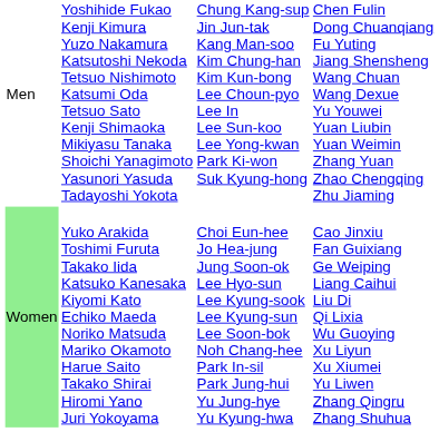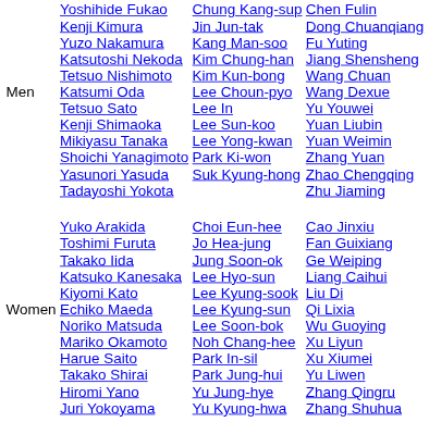 <table>
 <tr>
 <td>Men<br></td>
 <td><br><a href='#'>Yoshihide Fukao</a><br><a href='#'>Kenji Kimura</a><br><a href='#'>Yuzo Nakamura</a><br><a href='#'>Katsutoshi Nekoda</a><br><a href='#'>Tetsuo Nishimoto</a><br><a href='#'>Katsumi Oda</a><br><a href='#'>Tetsuo Sato</a><br><a href='#'>Kenji Shimaoka</a><br><a href='#'>Mikiyasu Tanaka</a><br><a href='#'>Shoichi Yanagimoto</a><br><a href='#'>Yasunori Yasuda</a><br><a href='#'>Tadayoshi Yokota</a></td>
 <td valign=top><br><a href='#'>Chung Kang-sup</a><br><a href='#'>Jin Jun-tak</a><br><a href='#'>Kang Man-soo</a><br><a href='#'>Kim Chung-han</a><br><a href='#'>Kim Kun-bong</a><br><a href='#'>Lee Choun-pyo</a><br><a href='#'>Lee In</a><br><a href='#'>Lee Sun-koo</a><br><a href='#'>Lee Yong-kwan</a><br><a href='#'>Park Ki-won</a><br><a href='#'>Suk Kyung-hong</a></td>
 <td><br><a href='#'>Chen Fulin</a><br><a href='#'>Dong Chuanqiang</a><br><a href='#'>Fu Yuting</a><br><a href='#'>Jiang Shensheng</a><br><a href='#'>Wang Chuan</a><br><a href='#'>Wang Dexue</a><br><a href='#'>Yu Youwei</a><br><a href='#'>Yuan Liubin</a><br><a href='#'>Yuan Weimin</a><br><a href='#'>Zhang Yuan</a><br><a href='#'>Zhao Chengqing</a><br><a href='#'>Zhu Jiaming</a></td>
 </tr>
 <tr>
-<td style="background: lightgreen;">Women<br></td>
+<td>Women<br></td>
 <td><br><a href='#'>Yuko Arakida</a><br><a href='#'>Toshimi Furuta</a><br><a href='#'>Takako Iida</a><br><a href='#'>Katsuko Kanesaka</a><br><a href='#'>Kiyomi Kato</a><br><a href='#'>Echiko Maeda</a><br><a href='#'>Noriko Matsuda</a><br><a href='#'>Mariko Okamoto</a><br><a href='#'>Harue Saito</a><br><a href='#'>Takako Shirai</a><br><a href='#'>Hiromi Yano</a><br><a href='#'>Juri Yokoyama</a></td>
 <td><br><a href='#'>Choi Eun-hee</a><br><a href='#'>Jo Hea-jung</a><br><a href='#'>Jung Soon-ok</a><br><a href='#'>Lee Hyo-sun</a><br><a href='#'>Lee Kyung-sook</a><br><a href='#'>Lee Kyung-sun</a><br><a href='#'>Lee Soon-bok</a><br><a href='#'>Noh Chang-hee</a><br><a href='#'>Park In-sil</a><br><a href='#'>Park Jung-hui</a><br><a href='#'>Yu Jung-hye</a><br><a href='#'>Yu Kyung-hwa</a></td>
 <td><br><a href='#'>Cao Jinxiu</a><br><a href='#'>Fan Guixiang</a><br><a href='#'>Ge Weiping</a><br><a href='#'>Liang Caihui</a><br><a href='#'>Liu Di</a><br><a href='#'>Qi Lixia</a><br><a href='#'>Wu Guoying</a><br><a href='#'>Xu Liyun</a><br><a href='#'>Xu Xiumei</a><br><a href='#'>Yu Liwen</a><br><a href='#'>Zhang Qingru</a><br><a href='#'>Zhang Shuhua</a></td>
 </tr>
 </table>
